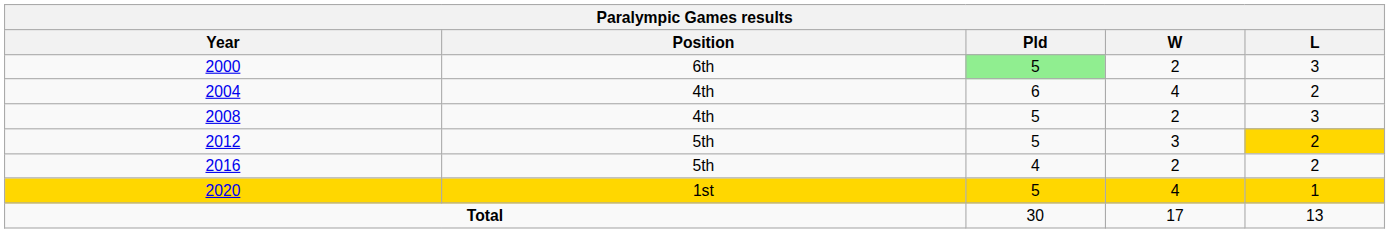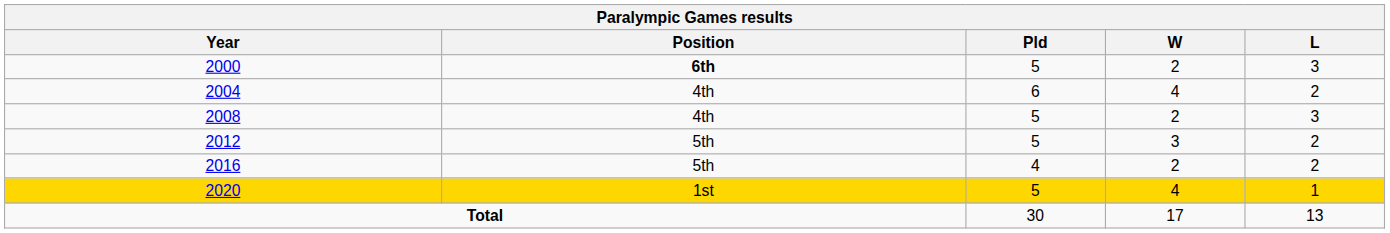 <table class="wikitable" width=80% style="text-align: center;font-size:90%;">
 <tr>
 <th colspan=5>Paralympic Games results</th>
 </tr>
 <tr>
 <th width=25%>Year</th>
 <th width=30%>Position</th>
 <th width=8%>Pld</th>
 <th width=8%>W</th>
 <th width=8%>L</th>
 </tr>
 <tr>
 <td> <a href='#'>2000</a></td>
-<td>6th</td>
-<td style="background: lightgreen;">5</td>
+<td><strong>6th</strong></td>
+<td>5</td>
 <td>2</td>
 <td>3</td>
 </tr>
 <tr>
 <td> <a href='#'>2004</a></td>
 <td>4th</td>
 <td>6</td>
 <td>4</td>
 <td>2</td>
 </tr>
 <tr>
 <td> <a href='#'>2008</a></td>
 <td>4th</td>
 <td>5</td>
 <td>2</td>
 <td>3</td>
 </tr>
 <tr>
 <td> <a href='#'>2012</a></td>
 <td>5th</td>
 <td>5</td>
 <td>3</td>
-<td style="background: gold;">2</td>
+<td>2</td>
 </tr>
 <tr>
 <td> <a href='#'>2016</a></td>
 <td>5th</td>
 <td>4</td>
 <td>2</td>
 <td>2</td>
 </tr>
 <tr bgcolor=gold>
 <td> <a href='#'>2020</a></td>
 <td>1st</td>
 <td>5</td>
 <td>4</td>
 <td>1</td>
 </tr>
 <tr>
 <td colspan=2><strong>Total</strong></td>
 <td>30</td>
 <td>17</td>
 <td>13</td>
 </tr>
 </table>
